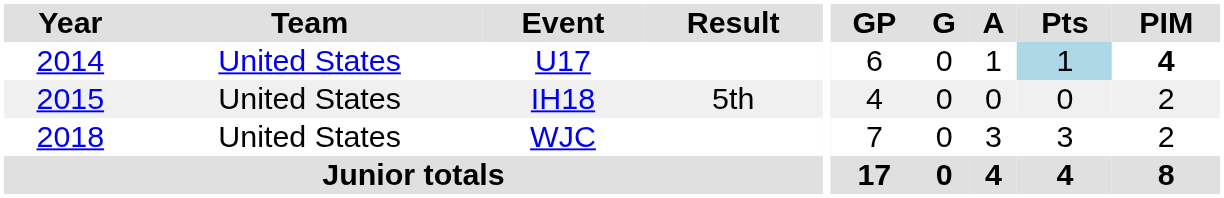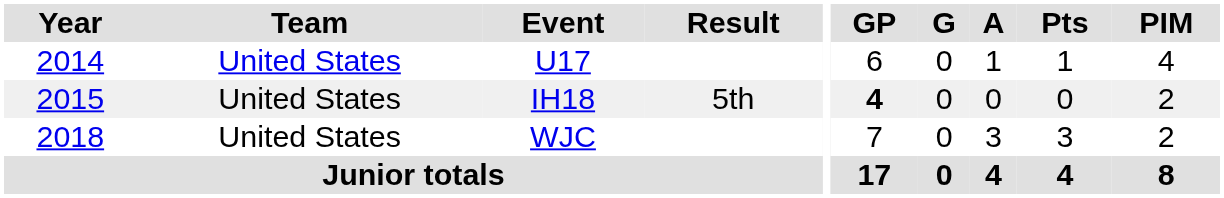 <table border="0" cellpadding="1" cellspacing="0" ID="Table3" style="text-align:center; width:40em">
 <tr bgcolor="#e0e0e0">
 <th>Year</th>
 <th>Team</th>
 <th>Event</th>
 <th>Result</th>
 <th rowspan="99" bgcolor="#ffffff"></th>
 <th>GP</th>
 <th>G</th>
 <th>A</th>
 <th>Pts</th>
 <th>PIM</th>
 </tr>
 <tr>
 <td><a href='#'>2014</a></td>
 <td><a href='#'>United States</a></td>
 <td><a href='#'>U17</a></td>
 <td></td>
 <td>6</td>
 <td>0</td>
 <td>1</td>
-<td style="background: lightblue;">1</td>
-<td><strong>4</strong></td>
+<td>1</td>
+<td>4</td>
 </tr>
 <tr bgcolor="#f0f0f0">
 <td><a href='#'>2015</a></td>
 <td>United States</td>
 <td><a href='#'>IH18</a></td>
 <td>5th</td>
-<td>4</td>
+<td><strong>4</strong></td>
 <td>0</td>
 <td>0</td>
 <td>0</td>
 <td>2</td>
 </tr>
 <tr>
 <td><a href='#'>2018</a></td>
 <td>United States</td>
 <td><a href='#'>WJC</a></td>
 <td></td>
 <td>7</td>
 <td>0</td>
 <td>3</td>
 <td>3</td>
 <td>2</td>
 </tr>
 <tr bgcolor="#e0e0e0">
 <th colspan="4">Junior totals</th>
 <th>17</th>
 <th>0</th>
 <th>4</th>
 <th>4</th>
 <th>8</th>
 </tr>
 </table>
